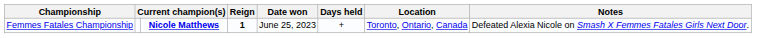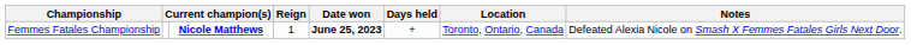 <table class="wikitable" style="text-align:center; background:#fcfdff; font-size:85%;">
 <tr>
 <th>Championship</th>
 <th colspan=2>Current champion(s)</th>
 <th>Reign</th>
 <th>Date won</th>
 <th>Days held</th>
 <th>Location</th>
 <th>Notes</th>
 </tr>
 <tr>
 <td align=center><a href='#'>Femmes Fatales Championship</a></td>
 <td align=center></td>
 <td align=center><strong><a href='#'>Nicole Matthews</a></strong></td>
-<td align=center><strong>1</strong></td>
-<td align=center>June 25, 2023</td>
+<td align=center>1</td>
+<td align=center><strong>June 25, 2023</strong></td>
 <td align=center>+</td>
 <td align=center><a href='#'>Toronto</a>, <a href='#'>Ontario</a>, <a href='#'>Canada</a></td>
 <td align=left>Defeated Alexia Nicole on <em><a href='#'>Smash X Femmes Fatales Girls Next Door</a></em>.</td>
 </tr>
 </table>
